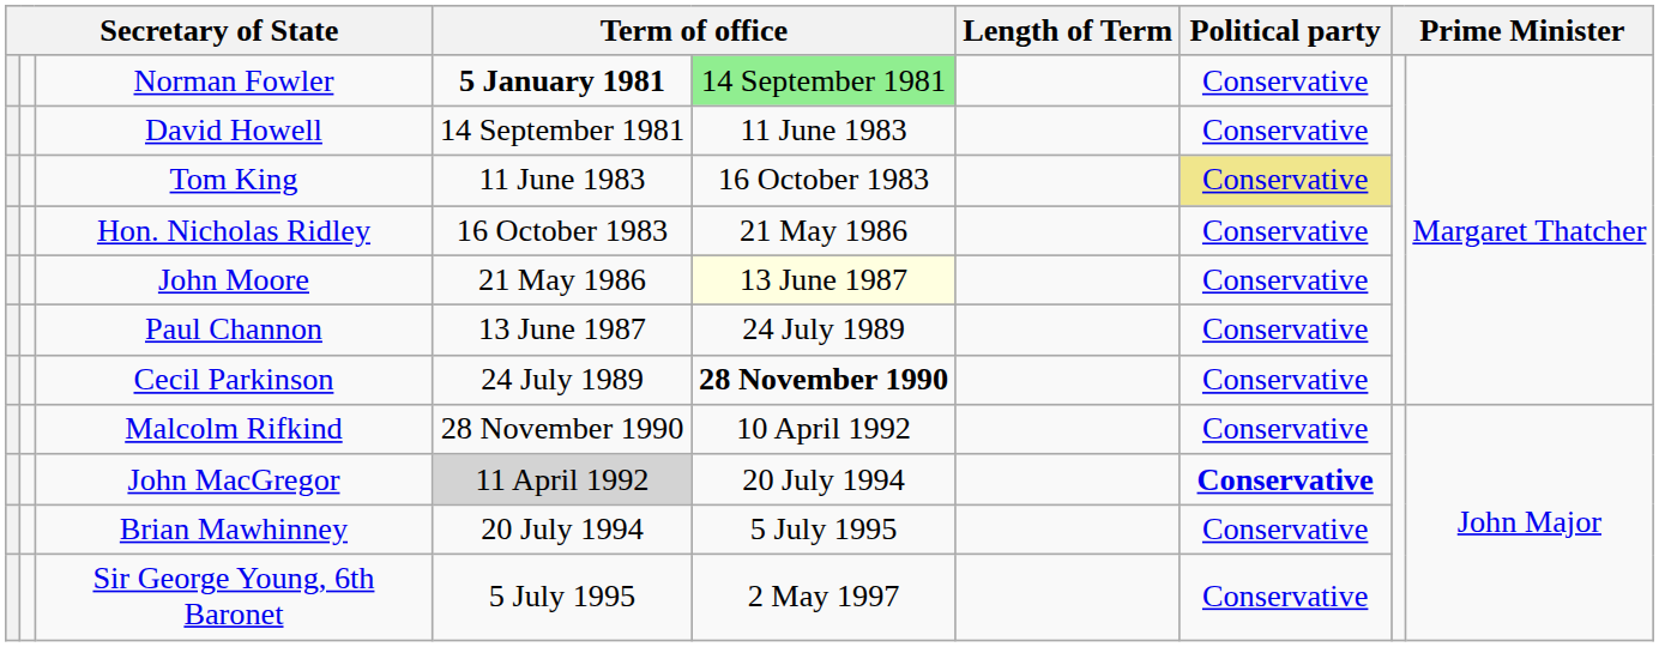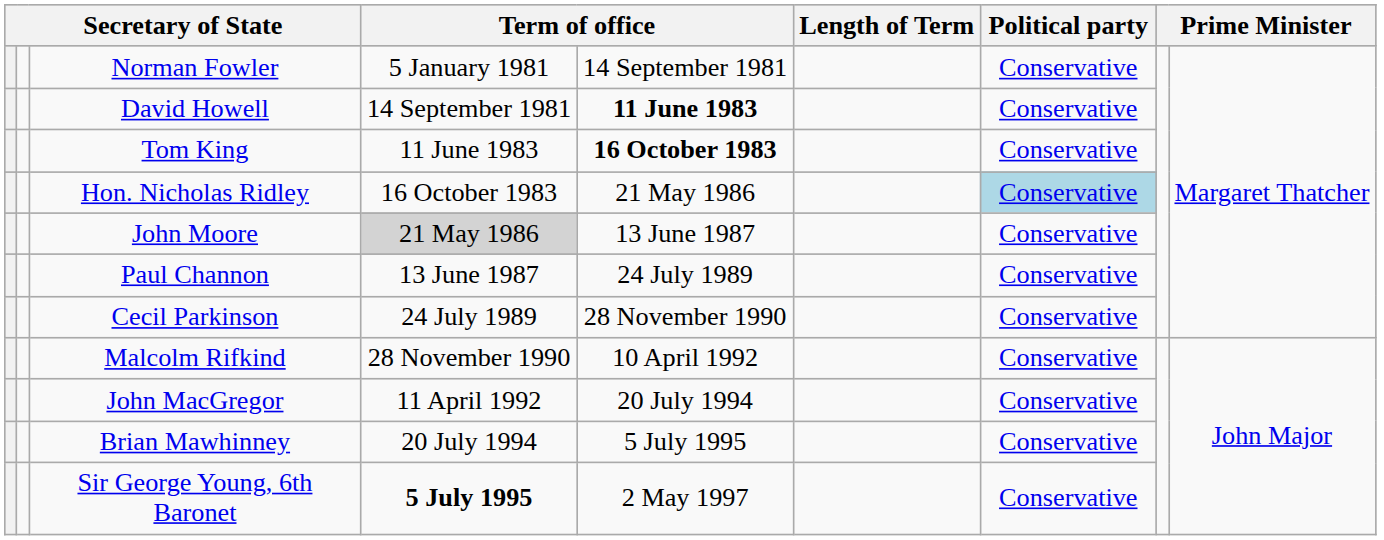 <table class="wikitable" style="text-align:center">
 <tr>
 <th colspan=3>Secretary of State</th>
 <th colspan=2 width=240>Term of office</th>
 <th>Length of Term</th>
 <th>Political party</th>
 <th colspan=2>Prime Minister</th>
 </tr>
 <tr style="height:1em">
 <th style="background-color:"></th>
 <td></td>
 <td width=195><a href='#'>Norman Fowler</a></td>
-<td><strong>5 January 1981</strong></td>
-<td style="background: lightgreen;">14 September 1981</td>
+<td>5 January 1981</td>
+<td>14 September 1981</td>
 <td></td>
 <td width=100><a href='#'>Conservative</a></td>
 <td rowspan=7 style="background-color:"></td>
 <td rowspan=7><a href='#'>Margaret Thatcher</a></td>
 </tr>
 <tr style="height:1em">
 <th style="background-color:"></th>
 <td></td>
 <td><a href='#'>David Howell</a></td>
 <td>14 September 1981</td>
-<td>11 June 1983</td>
+<td><strong>11 June 1983</strong></td>
 <td></td>
 <td><a href='#'>Conservative</a></td>
 </tr>
 <tr style="height:1em">
 <th style="background-color:"></th>
 <td></td>
 <td><a href='#'>Tom King</a></td>
 <td>11 June 1983</td>
-<td>16 October 1983</td>
+<td><strong>16 October 1983</strong></td>
 <td></td>
-<td style="background: khaki;"><a href='#'>Conservative</a></td>
+<td><a href='#'>Conservative</a></td>
 </tr>
 <tr style="height:1em">
 <th style="background-color:"></th>
 <td></td>
 <td><a href='#'>Hon. Nicholas Ridley</a></td>
 <td>16 October 1983</td>
 <td>21 May 1986</td>
 <td></td>
-<td><a href='#'>Conservative</a></td>
+<td style="background: lightblue;"><a href='#'>Conservative</a></td>
 </tr>
 <tr style="height:1em">
 <th style="background-color:"></th>
 <td></td>
 <td><a href='#'>John Moore</a></td>
-<td>21 May 1986</td>
-<td style="background: lightyellow;">13 June 1987</td>
+<td style="background: lightgrey;">21 May 1986</td>
+<td>13 June 1987</td>
 <td></td>
 <td><a href='#'>Conservative</a></td>
 </tr>
 <tr style="height:1em">
 <th style="background-color:"></th>
 <td></td>
 <td><a href='#'>Paul Channon</a></td>
 <td>13 June 1987</td>
 <td>24 July 1989</td>
 <td></td>
 <td><a href='#'>Conservative</a></td>
 </tr>
 <tr style="height:1em">
 <th style="background-color:"></th>
 <td></td>
 <td><a href='#'>Cecil Parkinson</a></td>
 <td>24 July 1989</td>
-<td><strong>28 November 1990</strong></td>
+<td>28 November 1990</td>
 <td></td>
 <td><a href='#'>Conservative</a></td>
 </tr>
 <tr style="height:1em">
 <th style="background-color:"></th>
 <td></td>
 <td><a href='#'>Malcolm Rifkind</a></td>
 <td>28 November 1990</td>
 <td>10 April 1992</td>
 <td></td>
 <td><a href='#'>Conservative</a></td>
 <td rowspan=4 style="background-color:"></td>
 <td rowspan=4><a href='#'>John Major</a></td>
 </tr>
 <tr style="height:1em">
 <th style="background-color:"></th>
 <td></td>
 <td><a href='#'>John MacGregor</a></td>
-<td style="background: lightgrey;">11 April 1992</td>
+<td>11 April 1992</td>
 <td>20 July 1994</td>
 <td></td>
-<td><strong><a href='#'>Conservative</a></strong></td>
+<td><a href='#'>Conservative</a></td>
 </tr>
 <tr style="height:1em">
 <th style="background-color:"></th>
 <td></td>
 <td><a href='#'>Brian Mawhinney</a></td>
 <td>20 July 1994</td>
 <td>5 July 1995</td>
 <td></td>
 <td><a href='#'>Conservative</a></td>
 </tr>
 <tr style="height:1em">
 <th style="background-color:"></th>
 <td></td>
 <td><a href='#'>Sir George Young, 6th Baronet</a></td>
-<td>5 July 1995</td>
+<td><strong>5 July 1995</strong></td>
 <td>2 May 1997</td>
 <td></td>
 <td><a href='#'>Conservative</a></td>
 </tr>
 </table>
